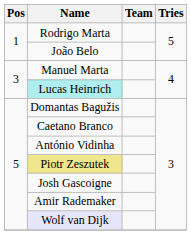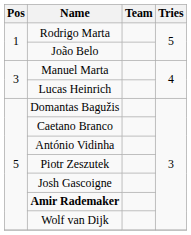 <table class="wikitable" style="text-align:center">
 <tr>
 <th>Pos</th>
 <th>Name</th>
 <th>Team</th>
 <th>Tries</th>
 </tr>
 <tr>
 <td rowspan=2>1</td>
 <td>Rodrigo Marta</td>
 <td></td>
 <td rowspan=2>5</td>
 </tr>
 <tr>
 <td>João Belo</td>
 <td></td>
 </tr>
 <tr>
 <td rowspan=2>3</td>
 <td>Manuel Marta</td>
 <td></td>
 <td rowspan=2>4</td>
 </tr>
 <tr>
-<td style="background: paleturquoise;">Lucas Heinrich</td>
+<td>Lucas Heinrich</td>
 <td></td>
 </tr>
 <tr>
 <td rowspan=7>5</td>
 <td>Domantas Bagužis</td>
 <td></td>
 <td rowspan=7>3</td>
 </tr>
 <tr>
 <td>Caetano Branco</td>
 <td></td>
 </tr>
 <tr>
 <td>António Vidinha</td>
 <td></td>
 </tr>
 <tr>
-<td style="background: khaki;">Piotr Zeszutek</td>
+<td>Piotr Zeszutek</td>
 <td></td>
 </tr>
 <tr>
 <td>Josh Gascoigne</td>
 <td></td>
 </tr>
 <tr>
-<td>Amir Rademaker</td>
+<td><strong>Amir Rademaker</strong></td>
 <td></td>
 </tr>
 <tr>
-<td style="background: lavender;">Wolf van Dijk</td>
+<td>Wolf van Dijk</td>
 <td></td>
 </tr>
 <tr>
 </tr>
 </table>
